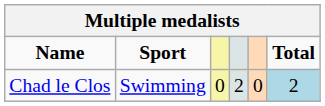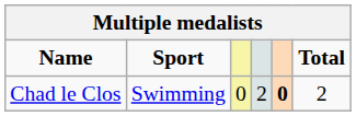 <table class="wikitable" style="text-align:center;font-size:85%">
 <tr style="background:#efefef;">
 <th colspan=7>Multiple medalists</th>
 </tr>
 <tr align=center>
 <td><strong>Name</strong></td>
 <td><strong>Sport</strong></td>
 <td style="background:#f7f6a8;"></td>
 <td style="background:#dce5e5;"></td>
 <td style="background:#ffdab9;"></td>
 <td><strong>Total</strong></td>
 </tr>
 <tr align=center>
 <td><a href='#'>Chad le Clos</a></td>
 <td><a href='#'>Swimming</a></td>
 <td style="background:#f7f6a8;">0</td>
 <td style="background:#dce5e5;">2</td>
-<td style="background:#ffdab9;">0</td>
-<td style="background: lightblue;">2</td>
+<td style="background:#ffdab9;"><strong>0</strong></td>
+<td>2</td>
 </tr>
 </table>
